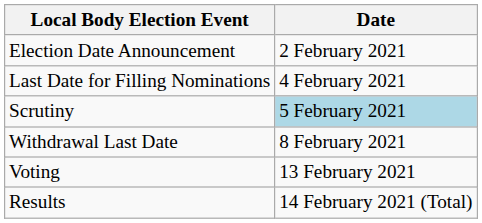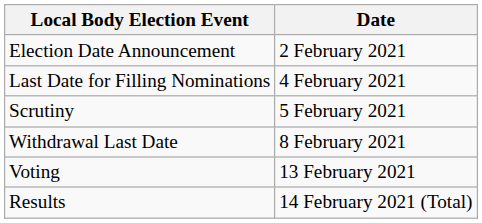 <table class="wikitable">
 <tr>
 <th>Local Body Election Event</th>
 <th>Date</th>
 </tr>
 <tr>
 <td>Election Date Announcement</td>
 <td>2 February 2021</td>
 </tr>
 <tr>
 <td>Last Date for Filling Nominations</td>
 <td>4 February 2021</td>
 </tr>
 <tr>
 <td>Scrutiny</td>
-<td style="background: lightblue;">5 February 2021</td>
+<td>5 February 2021</td>
 </tr>
 <tr>
 <td>Withdrawal Last Date</td>
 <td>8 February 2021</td>
 </tr>
 <tr>
 <td>Voting</td>
 <td>13 February 2021</td>
 </tr>
 <tr>
 <td>Results</td>
 <td>14 February 2021 (Total)</td>
 </tr>
 </table>
